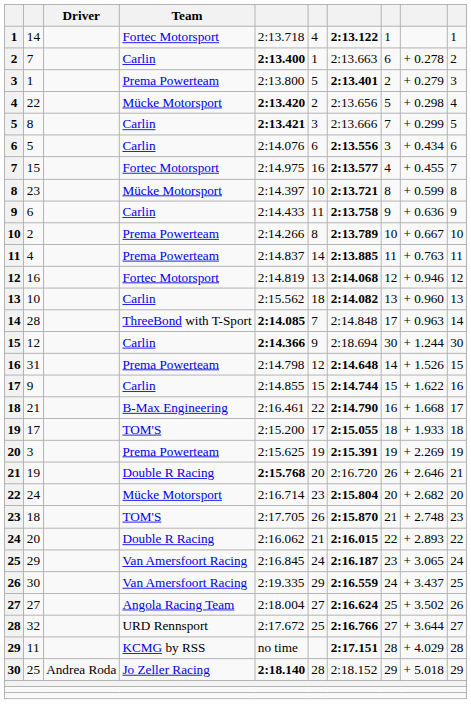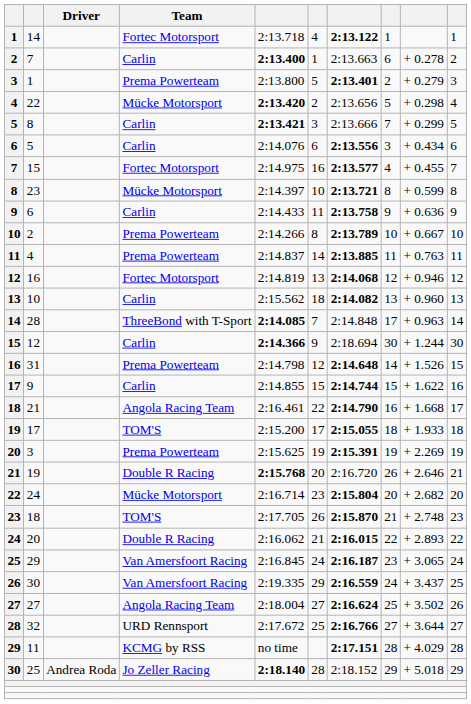 <table class="wikitable sortable" style="font-size: 95%;">
 <tr>
 <th scope="col"></th>
 <th scope="col"></th>
 <th scope="col">Driver</th>
 <th scope="col">Team</th>
 <th scope="col"></th>
 <th scope="col"></th>
 <th scope="col"></th>
 <th scope="col"></th>
 <th scope="col"></th>
 <th scope="col"></th>
 </tr>
 <tr>
 <th scope="row">1</th>
 <td>14</td>
 <td> </td>
 <td><a href='#'>Fortec Motorsport</a></td>
 <td>2:13.718</td>
 <td>4</td>
 <td><strong>2:13.122</strong></td>
 <td>1</td>
 <td></td>
 <td>1</td>
 </tr>
 <tr>
 <th scope="row">2</th>
 <td>7</td>
 <td> </td>
 <td><a href='#'>Carlin</a></td>
 <td><strong>2:13.400</strong></td>
 <td>1</td>
 <td>2:13.663</td>
 <td>6</td>
 <td>+ 0.278</td>
 <td>2</td>
 </tr>
 <tr>
 <th scope="row">3</th>
 <td>1</td>
 <td> </td>
 <td><a href='#'>Prema Powerteam</a></td>
 <td>2:13.800</td>
 <td>5</td>
 <td><strong>2:13.401</strong></td>
 <td>2</td>
 <td>+ 0.279</td>
 <td>3</td>
 </tr>
 <tr>
 <th scope="row">4</th>
 <td>22</td>
 <td> </td>
 <td><a href='#'>Mücke Motorsport</a></td>
 <td><strong>2:13.420</strong></td>
 <td>2</td>
 <td>2:13.656</td>
 <td>5</td>
 <td>+ 0.298</td>
 <td>4</td>
 </tr>
 <tr>
 <th scope="row">5</th>
 <td>8</td>
 <td> </td>
 <td><a href='#'>Carlin</a></td>
 <td><strong>2:13.421</strong></td>
 <td>3</td>
 <td>2:13.666</td>
 <td>7</td>
 <td>+ 0.299</td>
 <td>5</td>
 </tr>
 <tr>
 <th scope="row">6</th>
 <td>5</td>
 <td> </td>
 <td><a href='#'>Carlin</a></td>
 <td>2:14.076</td>
 <td>6</td>
 <td><strong>2:13.556</strong></td>
 <td>3</td>
 <td>+ 0.434</td>
 <td>6</td>
 </tr>
 <tr>
 <th scope="row">7</th>
 <td>15</td>
 <td> </td>
 <td><a href='#'>Fortec Motorsport</a></td>
 <td>2:14.975</td>
 <td>16</td>
 <td><strong>2:13.577</strong></td>
 <td>4</td>
 <td>+ 0.455</td>
 <td>7</td>
 </tr>
 <tr>
 <th scope="row">8</th>
 <td>23</td>
 <td> </td>
 <td><a href='#'>Mücke Motorsport</a></td>
 <td>2:14.397</td>
 <td>10</td>
 <td><strong>2:13.721</strong></td>
 <td>8</td>
 <td>+ 0.599</td>
 <td>8</td>
 </tr>
 <tr>
 <th scope="row">9</th>
 <td>6</td>
 <td> </td>
 <td><a href='#'>Carlin</a></td>
 <td>2:14.433</td>
 <td>11</td>
 <td><strong>2:13.758</strong></td>
 <td>9</td>
 <td>+ 0.636</td>
 <td>9</td>
 </tr>
 <tr>
 <th scope="row">10</th>
 <td>2</td>
 <td> </td>
 <td><a href='#'>Prema Powerteam</a></td>
 <td>2:14.266</td>
 <td>8</td>
 <td><strong>2:13.789</strong></td>
 <td>10</td>
 <td>+ 0.667</td>
 <td>10</td>
 </tr>
 <tr>
 <th scope="row">11</th>
 <td>4</td>
 <td> </td>
 <td><a href='#'>Prema Powerteam</a></td>
 <td>2:14.837</td>
 <td>14</td>
 <td><strong>2:13.885</strong></td>
 <td>11</td>
 <td>+ 0.763</td>
 <td>11</td>
 </tr>
 <tr>
 <th scope="row">12</th>
 <td>16</td>
 <td> </td>
 <td><a href='#'>Fortec Motorsport</a></td>
 <td>2:14.819</td>
 <td>13</td>
 <td><strong>2:14.068</strong></td>
 <td>12</td>
 <td>+ 0.946</td>
 <td>12</td>
 </tr>
 <tr>
 <th scope="row">13</th>
 <td>10</td>
 <td> </td>
 <td><a href='#'>Carlin</a></td>
 <td>2:15.562</td>
 <td>18</td>
 <td><strong>2:14.082</strong></td>
 <td>13</td>
 <td>+ 0.960</td>
 <td>13</td>
 </tr>
 <tr>
 <th scope="row">14</th>
 <td>28</td>
 <td> </td>
 <td><a href='#'>ThreeBond</a> with T-Sport</td>
 <td><strong>2:14.085</strong></td>
 <td>7</td>
 <td>2:14.848</td>
 <td>17</td>
 <td>+ 0.963</td>
 <td>14</td>
 </tr>
 <tr>
 <th scope="row">15</th>
 <td>12</td>
 <td> </td>
 <td><a href='#'>Carlin</a></td>
 <td><strong>2:14.366</strong></td>
 <td>9</td>
 <td>2:18.694</td>
 <td>30</td>
 <td>+ 1.244</td>
 <td>30</td>
 </tr>
 <tr>
 <th scope="row">16</th>
 <td>31</td>
 <td> </td>
 <td><a href='#'>Prema Powerteam</a></td>
 <td>2:14.798</td>
 <td>12</td>
 <td><strong>2:14.648</strong></td>
 <td>14</td>
 <td>+ 1.526</td>
 <td>15</td>
 </tr>
 <tr>
 <th scope="row">17</th>
 <td>9</td>
 <td> </td>
 <td><a href='#'>Carlin</a></td>
 <td>2:14.855</td>
 <td>15</td>
 <td><strong>2:14.744</strong></td>
 <td>15</td>
 <td>+ 1.622</td>
 <td>16</td>
 </tr>
 <tr>
 <th scope="row">18</th>
 <td>21</td>
 <td> </td>
-<td><a href='#'>B-Max Engineering</a></td>
+<td><a href='#'>Angola Racing Team</a></td>
 <td>2:16.461</td>
 <td>22</td>
 <td><strong>2:14.790</strong></td>
 <td>16</td>
 <td>+ 1.668</td>
 <td>17</td>
 </tr>
 <tr>
 <th scope="row">19</th>
 <td>17</td>
 <td> </td>
 <td><a href='#'>TOM'S</a></td>
 <td>2:15.200</td>
 <td>17</td>
 <td><strong>2:15.055</strong></td>
 <td>18</td>
 <td>+ 1.933</td>
 <td>18</td>
 </tr>
 <tr>
 <th scope="row">20</th>
 <td>3</td>
 <td> </td>
 <td><a href='#'>Prema Powerteam</a></td>
 <td>2:15.625</td>
 <td>19</td>
 <td><strong>2:15.391</strong></td>
 <td>19</td>
 <td>+ 2.269</td>
 <td>19</td>
 </tr>
 <tr>
 <th scope="row">21</th>
 <td>19</td>
 <td> </td>
 <td><a href='#'>Double R Racing</a></td>
 <td><strong>2:15.768</strong></td>
 <td>20</td>
 <td>2:16.720</td>
 <td>26</td>
 <td>+ 2.646</td>
 <td>21</td>
 </tr>
 <tr>
 <th scope="row">22</th>
 <td>24</td>
 <td> </td>
 <td><a href='#'>Mücke Motorsport</a></td>
 <td>2:16.714</td>
 <td>23</td>
 <td><strong>2:15.804</strong></td>
 <td>20</td>
 <td>+ 2.682</td>
 <td>20</td>
 </tr>
 <tr>
 <th scope="row">23</th>
 <td>18</td>
 <td> </td>
 <td><a href='#'>TOM'S</a></td>
 <td>2:17.705</td>
 <td>26</td>
 <td><strong>2:15.870</strong></td>
 <td>21</td>
 <td>+ 2.748</td>
 <td>23</td>
 </tr>
 <tr>
 <th scope="row">24</th>
 <td>20</td>
 <td> </td>
 <td><a href='#'>Double R Racing</a></td>
 <td>2:16.062</td>
 <td>21</td>
 <td><strong>2:16.015</strong></td>
 <td>22</td>
 <td>+ 2.893</td>
 <td>22</td>
 </tr>
 <tr>
 <th scope="row">25</th>
 <td>29</td>
 <td> </td>
 <td><a href='#'>Van Amersfoort Racing</a></td>
 <td>2:16.845</td>
 <td>24</td>
 <td><strong>2:16.187</strong></td>
 <td>23</td>
 <td>+ 3.065</td>
 <td>24</td>
 </tr>
 <tr>
 <th scope="row">26</th>
 <td>30</td>
 <td> </td>
 <td><a href='#'>Van Amersfoort Racing</a></td>
 <td>2:19.335</td>
 <td>29</td>
 <td><strong>2:16.559</strong></td>
 <td>24</td>
 <td>+ 3.437</td>
 <td>25</td>
 </tr>
 <tr>
 <th scope="row">27</th>
 <td>27</td>
 <td> </td>
 <td><a href='#'>Angola Racing Team</a></td>
 <td>2:18.004</td>
 <td>27</td>
 <td><strong>2:16.624</strong></td>
 <td>25</td>
 <td>+ 3.502</td>
 <td>26</td>
 </tr>
 <tr>
 <th scope="row">28</th>
 <td>32</td>
 <td> </td>
 <td>URD Rennsport</td>
 <td>2:17.672</td>
 <td>25</td>
 <td><strong>2:16.766</strong></td>
 <td>27</td>
 <td>+ 3.644</td>
 <td>27</td>
 </tr>
 <tr>
 <th scope="row">29</th>
 <td>11</td>
 <td> </td>
 <td><a href='#'>KCMG</a> by RSS</td>
 <td>no time</td>
 <td></td>
 <td><strong>2:17.151</strong></td>
 <td>28</td>
 <td>+ 4.029</td>
 <td>28</td>
 </tr>
 <tr>
 <th scope="row">30</th>
 <td>25</td>
 <td> Andrea Roda</td>
 <td><a href='#'>Jo Zeller Racing</a></td>
 <td><strong>2:18.140</strong></td>
 <td>28</td>
 <td>2:18.152</td>
 <td>29</td>
 <td>+ 5.018</td>
 <td>29</td>
 </tr>
 <tr class="sortbottom">
 <th colspan="10"></th>
 </tr>
 <tr class="sortbottom">
 <td colspan="10"></td>
 </tr>
 <tr class="sortbottom">
 <td colspan="10"></td>
 </tr>
 </table>
